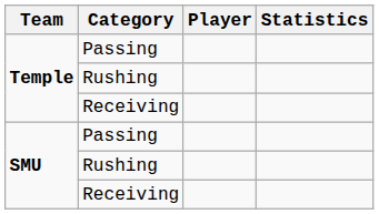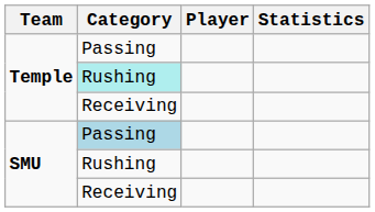 <table class="wikitable" style="float: left;">
 <tr>
 <th>Team</th>
 <th>Category</th>
 <th>Player</th>
 <th>Statistics</th>
 </tr>
 <tr>
 <td rowspan=3><strong>Temple</strong></td>
 <td>Passing</td>
 <td></td>
 <td></td>
 </tr>
 <tr>
-<td>Rushing</td>
+<td style="background: paleturquoise;">Rushing</td>
 <td></td>
 <td></td>
 </tr>
 <tr>
 <td>Receiving</td>
 <td></td>
 <td></td>
 </tr>
 <tr>
 <td rowspan=3><strong>SMU</strong></td>
-<td>Passing</td>
+<td style="background: lightblue;">Passing</td>
 <td></td>
 <td></td>
 </tr>
 <tr>
 <td>Rushing</td>
 <td></td>
 <td></td>
 </tr>
 <tr>
 <td>Receiving</td>
 <td></td>
 <td></td>
 </tr>
 </table>
